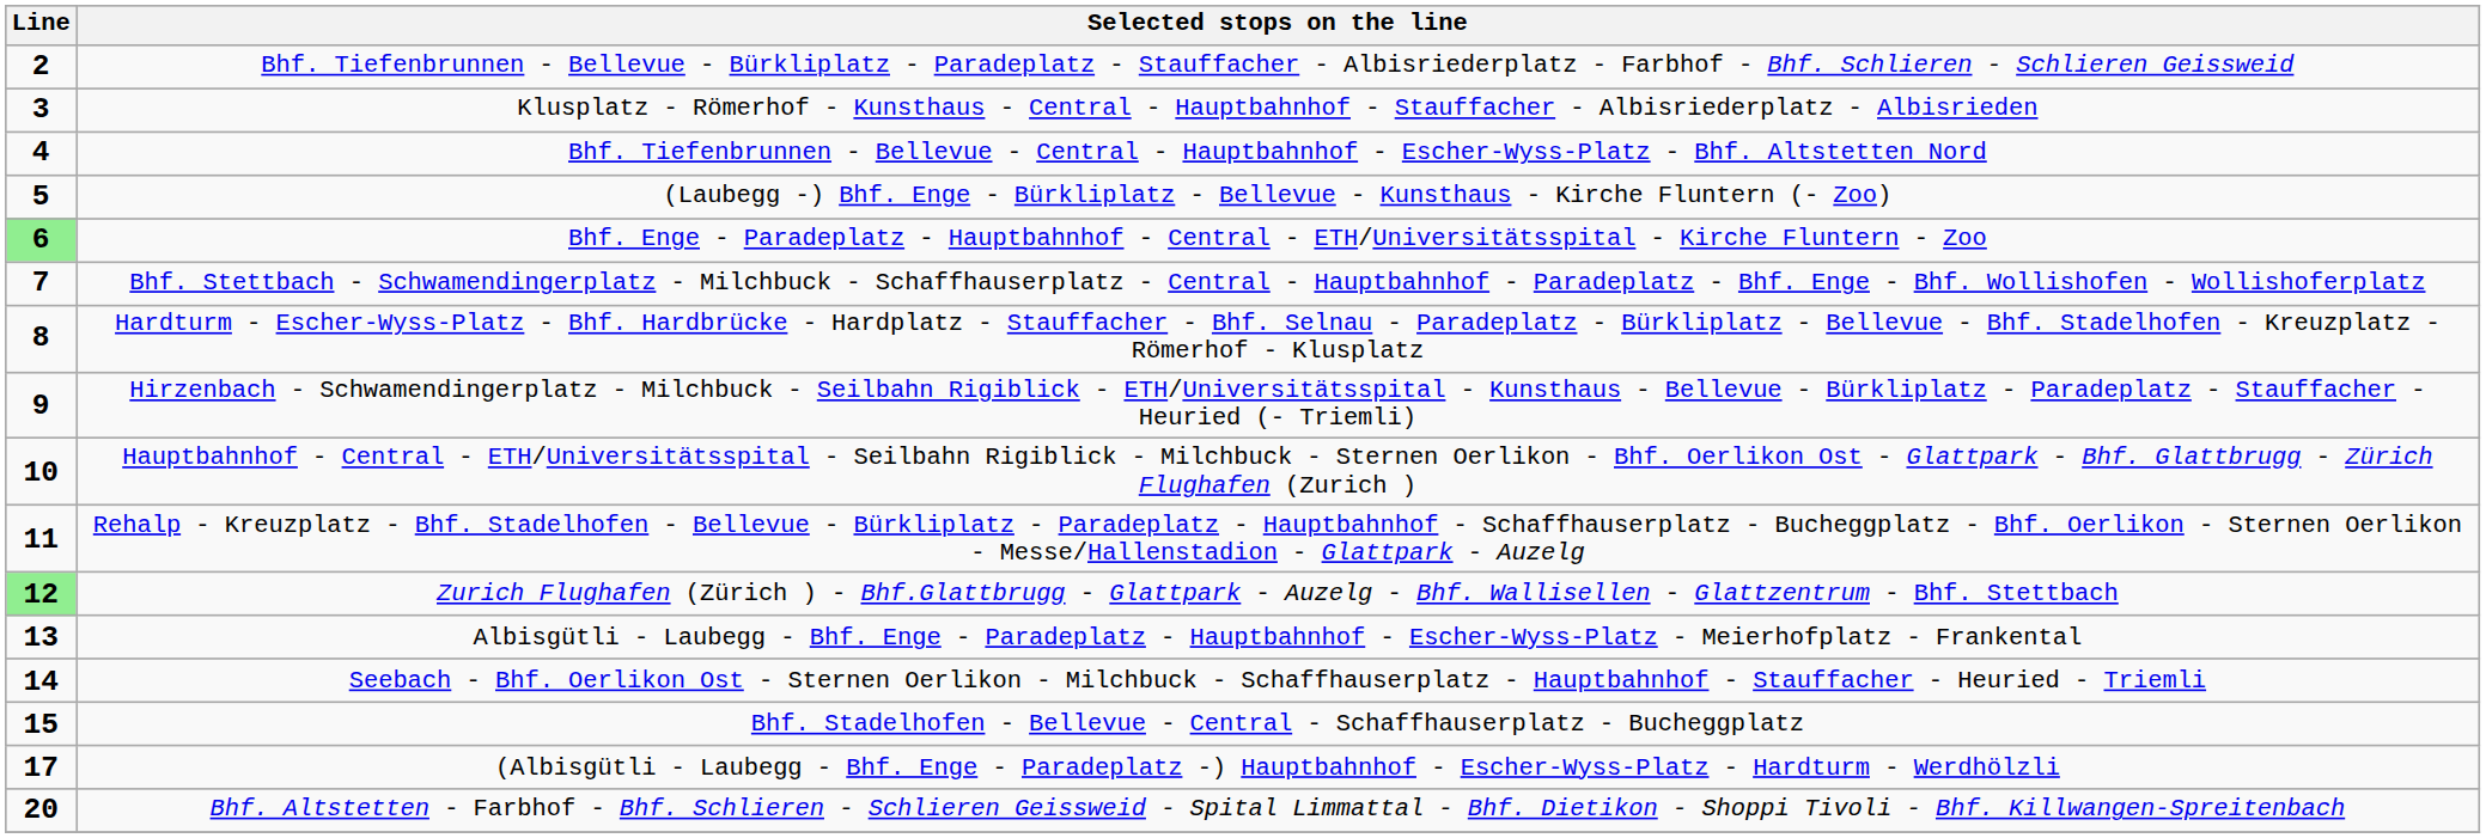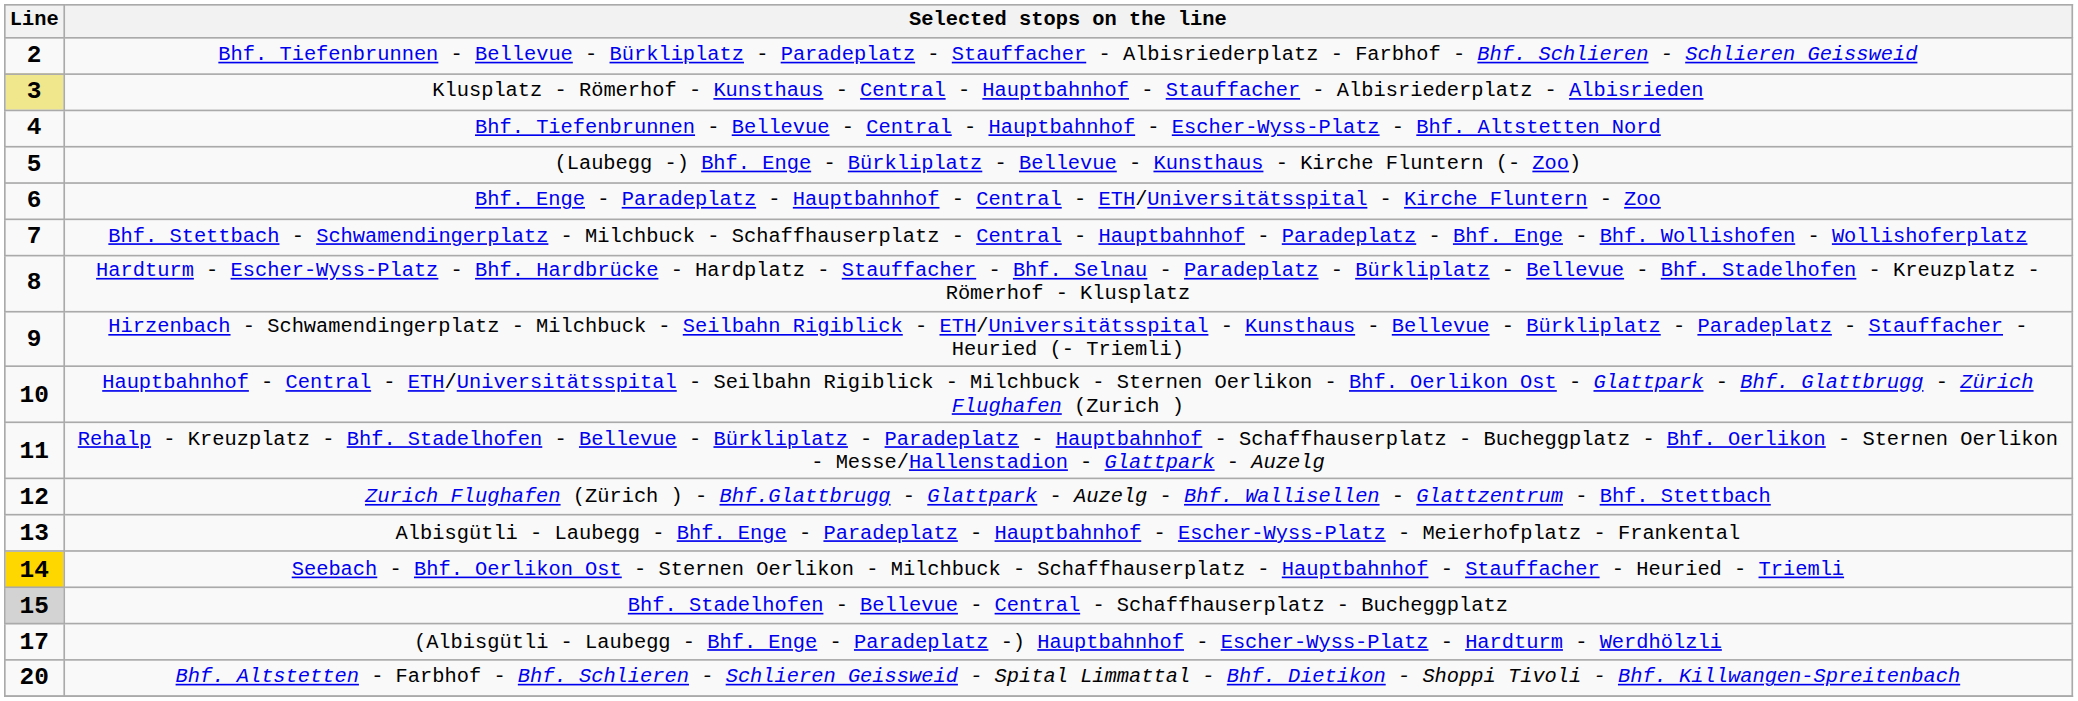 <table class="wikitable sortable" | border="1" cellspacing="0" cellpadding="3" style="border-collapse:collapse; font-size:95%; margin-right:10px; margin-bottom:5px">
 <tr>
 <th>Line</th>
 <th>Selected stops on the line</th>
 </tr>
 <tr align=center>
 <td><span><big><strong>2</strong></big></span></td>
 <td><a href='#'>Bhf. Tiefenbrunnen</a> - <a href='#'>Bellevue</a> - <a href='#'>Bürkliplatz</a> - <a href='#'>Paradeplatz</a> - <a href='#'>Stauffacher</a> - Albisriederplatz - Farbhof - <em><a href='#'>Bhf. Schlieren</a> - <a href='#'>Schlieren Geissweid</a></em></td>
 </tr>
 <tr align=center>
-<td><span><big><strong>3</strong></big></span></td>
+<td style="background: khaki;"><span><big><strong>3</strong></big></span></td>
 <td>Klusplatz - Römerhof - <a href='#'>Kunsthaus</a> - <a href='#'>Central</a> - <a href='#'>Hauptbahnhof</a> - <a href='#'>Stauffacher</a> - Albisriederplatz - <a href='#'>Albisrieden</a></td>
 </tr>
 <tr align=center>
 <td><span><big><strong>4</strong></big></span></td>
 <td><a href='#'>Bhf. Tiefenbrunnen</a> - <a href='#'>Bellevue</a> - <a href='#'>Central</a> - <a href='#'>Hauptbahnhof</a> - <a href='#'>Escher-Wyss-Platz</a> - <a href='#'>Bhf. Altstetten Nord</a></td>
 </tr>
 <tr align=center>
 <td><span><big><strong>5</strong></big></span></td>
 <td>(Laubegg -) <a href='#'>Bhf. Enge</a> - <a href='#'>Bürkliplatz</a> - <a href='#'>Bellevue</a> - <a href='#'>Kunsthaus</a> - Kirche Fluntern (- <a href='#'>Zoo</a>)</td>
 </tr>
 <tr align=center>
-<td style="background: lightgreen;"><span><big><strong>6</strong></big></span></td>
+<td><span><big><strong>6</strong></big></span></td>
 <td><a href='#'>Bhf. Enge</a> - <a href='#'>Paradeplatz</a> - <a href='#'>Hauptbahnhof</a> - <a href='#'>Central</a> - <a href='#'>ETH</a>/<a href='#'>Universitätsspital</a> - <a href='#'>Kirche Fluntern</a> - <a href='#'>Zoo</a></td>
 </tr>
 <tr align=center>
 <td><span><big><strong>7</strong></big></span></td>
 <td><a href='#'>Bhf. Stettbach</a> - <a href='#'>Schwamendingerplatz</a> - Milchbuck - Schaffhauserplatz - <a href='#'>Central</a> - <a href='#'>Hauptbahnhof</a> - <a href='#'>Paradeplatz</a> - <a href='#'>Bhf. Enge</a> - <a href='#'>Bhf. Wollishofen</a> - <a href='#'>Wollishoferplatz</a></td>
 </tr>
 <tr align=center>
 <td><span><big><strong>8</strong></big></span></td>
 <td><a href='#'>Hardturm</a> - <a href='#'>Escher-Wyss-Platz</a> - <a href='#'>Bhf. Hardbrücke</a> - Hardplatz - <a href='#'>Stauffacher</a> - <a href='#'>Bhf. Selnau</a> - <a href='#'>Paradeplatz</a> - <a href='#'>Bürkliplatz</a> - <a href='#'>Bellevue</a> - <a href='#'>Bhf. Stadelhofen</a> - Kreuzplatz - Römerhof - Klusplatz</td>
 </tr>
 <tr align=center>
 <td><span><big><strong>9</strong></big></span></td>
 <td><a href='#'>Hirzenbach</a> - Schwamendingerplatz - Milchbuck - <a href='#'>Seilbahn Rigiblick</a> - <a href='#'>ETH</a>/<a href='#'>Universitätsspital</a> - <a href='#'>Kunsthaus</a> - <a href='#'>Bellevue</a> - <a href='#'>Bürkliplatz</a> - <a href='#'>Paradeplatz</a> - <a href='#'>Stauffacher</a> - Heuried (- Triemli)</td>
 </tr>
 <tr align=center>
 <td><span><big><strong>10</strong></big></span></td>
 <td><a href='#'>Hauptbahnhof</a> - <a href='#'>Central</a> - <a href='#'>ETH</a>/<a href='#'>Universitätsspital</a> - Seilbahn Rigiblick - Milchbuck - Sternen Oerlikon - <a href='#'>Bhf. Oerlikon Ost</a> - <em><a href='#'>Glattpark</a></em> - <em><a href='#'>Bhf. Glattbrugg</a></em> - <em><a href='#'>Zürich Flughafen</a></em> (Zurich )</td>
 </tr>
 <tr align=center>
 <td><span><big><strong>11</strong></big></span></td>
 <td><a href='#'>Rehalp</a> - Kreuzplatz - <a href='#'>Bhf. Stadelhofen</a> - <a href='#'>Bellevue</a> - <a href='#'>Bürkliplatz</a> - <a href='#'>Paradeplatz</a> - <a href='#'>Hauptbahnhof</a>  - Schaffhauserplatz - Bucheggplatz - <a href='#'>Bhf. Oerlikon</a> - Sternen Oerlikon - Messe/<a href='#'>Hallenstadion</a> - <em><a href='#'>Glattpark</a></em> - <em>Auzelg</em></td>
 </tr>
 <tr align=center>
-<td style="background: lightgreen;"><span><big><strong>12</strong></big></span></td>
+<td><span><big><strong>12</strong></big></span></td>
 <td><em><a href='#'>Zurich Flughafen</a></em> (Zürich ) - <em><a href='#'>Bhf.Glattbrugg</a></em> - <em><a href='#'>Glattpark</a></em> - <em>Auzelg</em> - <em><a href='#'>Bhf. Wallisellen</a></em> - <em><a href='#'>Glattzentrum</a></em> - <a href='#'>Bhf. Stettbach</a></td>
 </tr>
 <tr align=center>
 <td><span><big><strong>13</strong></big></span></td>
 <td>Albisgütli - Laubegg - <a href='#'>Bhf. Enge</a> - <a href='#'>Paradeplatz</a> - <a href='#'>Hauptbahnhof</a> - <a href='#'>Escher-Wyss-Platz</a> - Meierhofplatz - Frankental</td>
 </tr>
 <tr align=center>
-<td><span><big><strong>14</strong></big></span></td>
+<td style="background: gold;"><span><big><strong>14</strong></big></span></td>
 <td><a href='#'>Seebach</a> - <a href='#'>Bhf. Oerlikon Ost</a> - Sternen Oerlikon - Milchbuck - Schaffhauserplatz - <a href='#'>Hauptbahnhof</a> - <a href='#'>Stauffacher</a> - Heuried - <a href='#'>Triemli</a></td>
 </tr>
 <tr align=center>
-<td><span><big><strong>15</strong></big></span></td>
+<td style="background: lightgrey;"><span><big><strong>15</strong></big></span></td>
 <td><a href='#'>Bhf. Stadelhofen</a> - <a href='#'>Bellevue</a> - <a href='#'>Central</a> - Schaffhauserplatz - Bucheggplatz</td>
 </tr>
 <tr align=center>
 <td><span><big><strong>17</strong></big></span></td>
 <td>(Albisgütli - Laubegg - <a href='#'>Bhf. Enge</a> - <a href='#'>Paradeplatz</a> -) <a href='#'>Hauptbahnhof</a> - <a href='#'>Escher-Wyss-Platz</a> - <a href='#'>Hardturm</a> - <a href='#'>Werdhölzli</a></td>
 </tr>
 <tr align=center>
 <td><span><big><strong>20</strong></big></span></td>
 <td><em><a href='#'>Bhf. Altstetten</a></em> - Farbhof - <em><a href='#'>Bhf. Schlieren</a> - <a href='#'>Schlieren Geissweid</a> - Spital Limmattal - <a href='#'>Bhf. Dietikon</a> - Shoppi Tivoli - <a href='#'>Bhf. Killwangen-Spreitenbach</a></em></td>
 </tr>
 <tr>
 </tr>
 </table>
